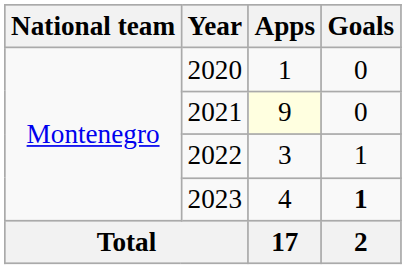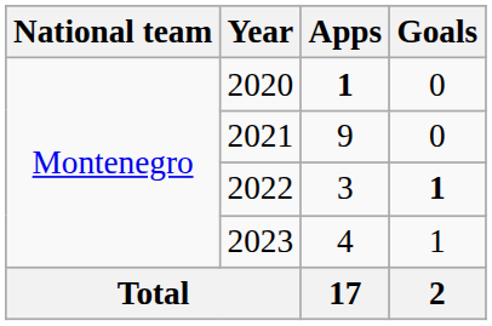 <table class="wikitable" style="text-align:center">
 <tr>
 <th>National team</th>
 <th>Year</th>
 <th>Apps</th>
 <th>Goals</th>
 </tr>
 <tr>
 <td rowspan= "4"><a href='#'>Montenegro</a></td>
 <td>2020</td>
-<td>1</td>
+<td><strong>1</strong></td>
 <td>0</td>
 </tr>
 <tr>
 <td>2021</td>
-<td style="background: lightyellow;">9</td>
+<td>9</td>
 <td>0</td>
 </tr>
 <tr>
 <td>2022</td>
 <td>3</td>
-<td>1</td>
+<td><strong>1</strong></td>
 </tr>
 <tr>
 <td>2023</td>
 <td>4</td>
-<td><strong>1</strong></td>
+<td>1</td>
 </tr>
 <tr>
 <th colspan="2">Total</th>
 <th>17</th>
 <th>2</th>
 </tr>
 </table>
